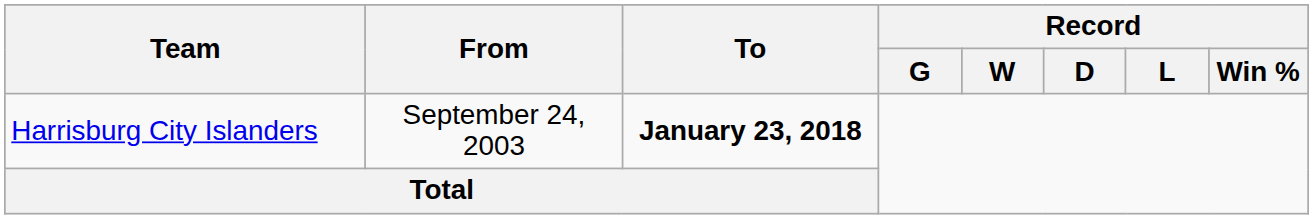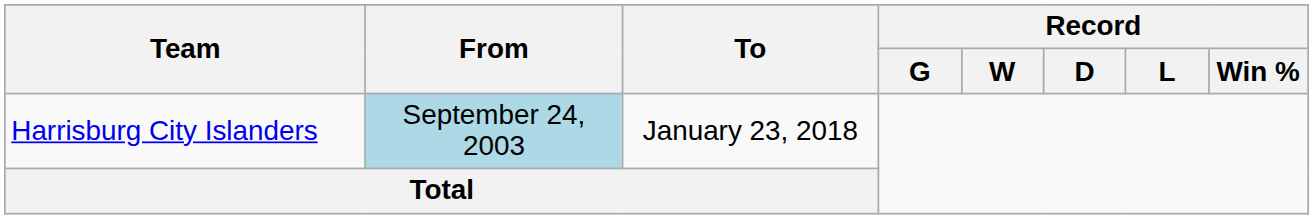 <table class="wikitable" style="text-align:center">
 <tr>
 <th rowspan=2! width=200>Team</th>
 <th rowspan=2! width=140>From</th>
 <th rowspan=2! width=140>To</th>
 <th colspan=7>Record</th>
 </tr>
 <tr>
 <th width=40>G</th>
 <th width=40>W</th>
 <th width=40>D</th>
 <th width=40>L</th>
 <th width=50>Win %</th>
 </tr>
 <tr>
 <td align=left> <a href='#'>Harrisburg City Islanders</a></td>
-<td>September 24, 2003</td>
-<td><strong>January 23, 2018<br></strong></td>
+<td style="background: lightblue;">September 24, 2003</td>
+<td>January 23, 2018<br></td>
 </tr>
 <tr>
 <th colspan="3">Total<br></th>
 </tr>
 </table>
